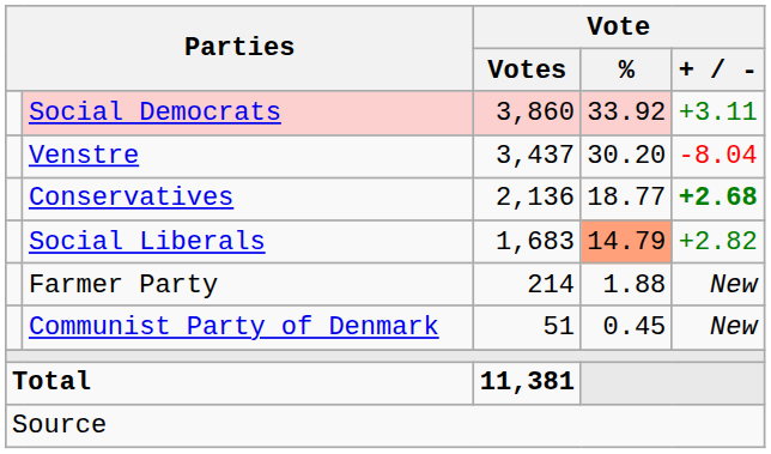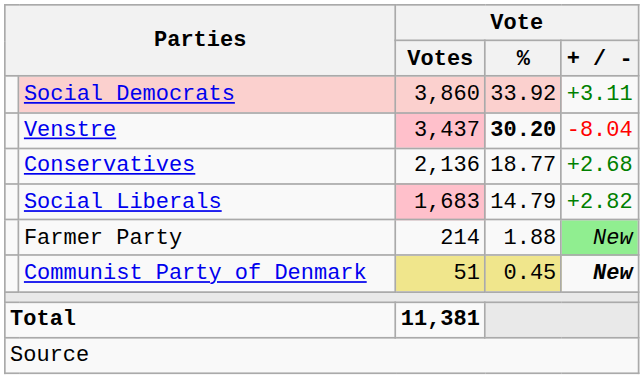 <table class="wikitable" style="text-align:right;">
 <tr>
 <th style="text-align:centre;" rowspan="2" colspan="2" width="225">Parties</th>
 <th colspan="3">Vote</th>
 </tr>
 <tr>
 <th width="15">Votes</th>
 <th width="15">%</th>
 <th width="15">+ / -</th>
 </tr>
 <tr>
 <td width="2" style="color:inherit;background:"></td>
 <td bgcolor=#fbd0ce  align="left"><a href='#'>Social Democrats</a></td>
 <td bgcolor=#fbd0ce>3,860</td>
 <td bgcolor=#fbd0ce>33.92</td>
 <td style=color:green;>+3.11</td>
 </tr>
 <tr>
 <td width="2" style="color:inherit;background:"></td>
 <td align="left"><a href='#'>Venstre</a></td>
-<td>3,437</td>
-<td>30.20</td>
+<td style="background: pink;">3,437</td>
+<td><strong>30.20</strong></td>
 <td style=color:red;>-8.04</td>
 </tr>
 <tr>
 <td width="2" style="color:inherit;background:"></td>
 <td align="left"><a href='#'>Conservatives</a></td>
 <td>2,136</td>
 <td>18.77</td>
-<td style=color:green;><strong>+2.68</strong></td>
+<td style=color:green;>+2.68</td>
 </tr>
 <tr>
 <td width="2" style="color:inherit;background:"></td>
 <td align="left"><a href='#'>Social Liberals</a></td>
-<td>1,683</td>
-<td style="background: lightsalmon;">14.79</td>
+<td style="background: pink;">1,683</td>
+<td>14.79</td>
 <td style=color:green;>+2.82</td>
 </tr>
 <tr>
 <td width="2" style="color:inherit;background:"></td>
 <td align="left">Farmer Party</td>
 <td>214</td>
 <td>1.88</td>
-<td><em>New</em></td>
+<td style="background: lightgreen;"><em>New</em></td>
 </tr>
 <tr>
 <td width="2" style="color:inherit;background:"></td>
 <td align="left"><a href='#'>Communist Party of Denmark</a></td>
-<td>51</td>
-<td>0.45</td>
-<td><em>New</em></td>
+<td style="background: khaki;">51</td>
+<td style="background: khaki;">0.45</td>
+<td><strong><em>New</em></strong></td>
 </tr>
 <tr>
 <td colspan="7" bgcolor="#E9E9E9"></td>
 </tr>
 <tr>
 <td align="left" colspan="2"><strong>Total</strong></td>
 <td><strong>11,381</strong></td>
 <td bgcolor="#E9E9E9" colspan="2"></td>
 </tr>
 <tr>
 <td align="left" colspan="6">Source</td>
 </tr>
 </table>
